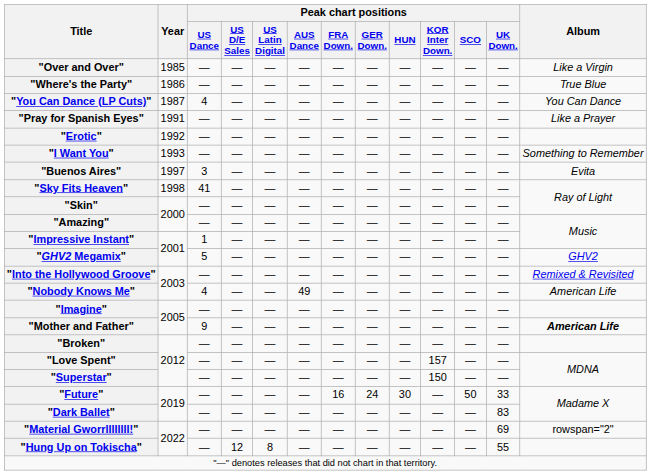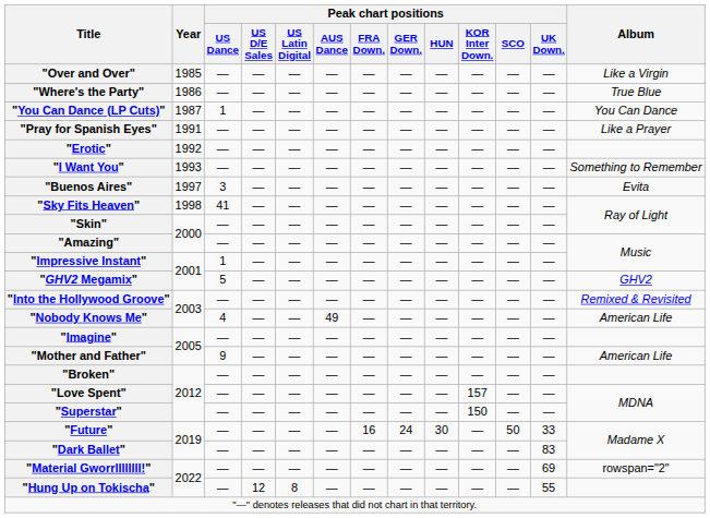 <table class="wikitable plainrowheaders" style="text-align:center;">
 <tr>
 <th scope="col" rowspan="2">Title</th>
 <th scope="col" rowspan="2">Year</th>
 <th scope="col" colspan="10">Peak chart positions</th>
 <th scope="col" rowspan="2">Album</th>
 </tr>
 <tr>
 <th scope="col" style="width:2.75em; font-size:90%;"><a href='#'>US<br>Dance</a><br></th>
 <th scope="col" style="width:2.75em; font-size:90%;"><a href='#'>US<br>D/E<br>Sales</a><br></th>
 <th scope="col" style="width:3em;font-size:90%;"><a href='#'>US<br>Latin<br>Digital</a><br></th>
 <th scope="col" style="width:2.75em; font-size:90%;"><a href='#'>AUS<br>Dance</a><br></th>
 <th scope="col" style="width:2.75em; font-size:90%;"><a href='#'>FRA<br>Down.</a><br></th>
 <th scope="col" style="width:2.75em; font-size:90%;"><a href='#'>GER<br>Down.</a><br></th>
 <th scope="col" style="width:2.75em; font-size:90%;"><a href='#'>HUN</a><br></th>
 <th scope="col" style="width:2.75em; font-size:90%;"><a href='#'>KOR<br>Inter<br>Down.</a><br></th>
 <th scope="col" style="width:2.75em; font-size:90%;"><a href='#'>SCO</a><br></th>
 <th scope="col" style="width:2.75em; font-size:90%;"><a href='#'>UK<br>Down.</a><br></th>
 </tr>
 <tr>
 <th scope="row">"Over and Over"</th>
 <td>1985</td>
 <td>—</td>
 <td>—</td>
 <td>—</td>
 <td>—</td>
 <td>—</td>
 <td>—</td>
 <td>—</td>
 <td>—</td>
 <td>—</td>
 <td>—</td>
 <td><em>Like a Virgin</em></td>
 </tr>
 <tr>
 <th scope="row">"Where's the Party"</th>
 <td>1986</td>
 <td>—</td>
 <td>—</td>
 <td>—</td>
 <td>—</td>
 <td>—</td>
 <td>—</td>
 <td>—</td>
 <td>—</td>
 <td>—</td>
 <td>—</td>
 <td><em>True Blue</em></td>
 </tr>
 <tr>
 <th scope="row">"<a href='#'>You Can Dance (LP Cuts)</a>"</th>
 <td>1987</td>
-<td>4</td>
+<td>1</td>
 <td>—</td>
 <td>—</td>
 <td>—</td>
 <td>—</td>
 <td>—</td>
 <td>—</td>
 <td>—</td>
 <td>—</td>
 <td>—</td>
 <td><em>You Can Dance</em></td>
 </tr>
 <tr>
 <th scope="row">"Pray for Spanish Eyes"</th>
 <td>1991</td>
 <td>—</td>
 <td>—</td>
 <td>—</td>
 <td>—</td>
 <td>—</td>
 <td>—</td>
 <td>—</td>
 <td>—</td>
 <td>—</td>
 <td>—</td>
 <td><em>Like a Prayer</em></td>
 </tr>
 <tr>
 <th scope="row">"<a href='#'>Erotic</a>"</th>
 <td>1992</td>
 <td>—</td>
 <td>—</td>
 <td>—</td>
 <td>—</td>
 <td>—</td>
 <td>—</td>
 <td>—</td>
 <td>—</td>
 <td>—</td>
 <td>—</td>
 <td></td>
 </tr>
 <tr>
 <th scope="row">"<a href='#'>I Want You</a>"<br></th>
 <td>1993</td>
 <td>—</td>
 <td>—</td>
 <td>—</td>
 <td>—</td>
 <td>—</td>
 <td>—</td>
 <td>—</td>
 <td>—</td>
 <td>—</td>
 <td>—</td>
 <td><em>Something to Remember</em></td>
 </tr>
 <tr>
 <th scope="row">"Buenos Aires" </th>
 <td>1997</td>
 <td>3</td>
 <td>—</td>
 <td>—</td>
 <td>—</td>
 <td>—</td>
 <td>—</td>
 <td>—</td>
 <td>—</td>
 <td>—</td>
 <td>—</td>
 <td><em>Evita</em></td>
 </tr>
 <tr>
 <th scope="row">"<a href='#'>Sky Fits Heaven</a>"</th>
 <td>1998</td>
 <td>41</td>
 <td>—</td>
 <td>—</td>
 <td>—</td>
 <td>—</td>
 <td>—</td>
 <td>—</td>
 <td>—</td>
 <td>—</td>
 <td>—</td>
 <td rowspan=2><em>Ray of Light</em></td>
 </tr>
 <tr>
 <th scope="row">"Skin"</th>
 <td rowspan=2>2000</td>
 <td>—</td>
 <td>—</td>
 <td>—</td>
 <td>—</td>
 <td>—</td>
 <td>—</td>
 <td>—</td>
 <td>—</td>
 <td>—</td>
 <td>—</td>
 </tr>
 <tr>
 <th scope="row">"Amazing"</th>
 <td>—</td>
 <td>—</td>
 <td>—</td>
 <td>—</td>
 <td>—</td>
 <td>—</td>
 <td>—</td>
 <td>—</td>
 <td>—</td>
 <td>—</td>
 <td rowspan=2><em>Music</em></td>
 </tr>
 <tr>
 <th scope="row">"<a href='#'>Impressive Instant</a>"</th>
 <td rowspan=2>2001</td>
 <td>1</td>
 <td>—</td>
 <td>—</td>
 <td>—</td>
 <td>—</td>
 <td>—</td>
 <td>—</td>
 <td>—</td>
 <td>—</td>
 <td>—</td>
 </tr>
 <tr>
 <th scope="row">"<a href='#'><em>GHV2</em> Megamix</a>"</th>
 <td>5</td>
 <td>—</td>
 <td>—</td>
 <td>—</td>
 <td>—</td>
 <td>—</td>
 <td>—</td>
 <td>—</td>
 <td>—</td>
 <td>—</td>
 <td><em><a href='#'>GHV2</a></em></td>
 </tr>
 <tr>
 <th scope="row">"<a href='#'>Into the Hollywood Groove</a>"<br></th>
 <td rowspan=2>2003</td>
 <td>—</td>
 <td>—</td>
 <td>—</td>
 <td>—</td>
 <td>—</td>
 <td>—</td>
 <td>—</td>
 <td>—</td>
 <td>—</td>
 <td>—</td>
 <td><em><a href='#'>Remixed & Revisited</a></em></td>
 </tr>
 <tr>
 <th scope="row">"<a href='#'>Nobody Knows Me</a>"</th>
 <td>4</td>
 <td>—</td>
 <td>—</td>
 <td>49</td>
 <td>—</td>
 <td>—</td>
 <td>—</td>
 <td>—</td>
 <td>—</td>
 <td>—</td>
 <td><em>American Life</em></td>
 </tr>
 <tr>
 <th scope="row">"<a href='#'>Imagine</a>" </th>
 <td rowspan=2>2005</td>
 <td>—</td>
 <td>—</td>
 <td>—</td>
 <td>—</td>
 <td>—</td>
 <td>—</td>
 <td>—</td>
 <td>—</td>
 <td>—</td>
 <td>—</td>
 <td></td>
 </tr>
 <tr>
 <th scope="row">"Mother and Father"</th>
 <td>9</td>
 <td>—</td>
 <td>—</td>
 <td>—</td>
 <td>—</td>
 <td>—</td>
 <td>—</td>
 <td>—</td>
 <td>—</td>
 <td>—</td>
-<td><strong><em>American Life</em></strong></td>
+<td><em>American Life</em></td>
 </tr>
 <tr>
 <th scope="row">"Broken"</th>
 <td rowspan=3>2012</td>
 <td>—</td>
 <td>—</td>
 <td>—</td>
 <td>—</td>
 <td>—</td>
 <td>—</td>
 <td>—</td>
 <td>—</td>
 <td>—</td>
 <td>—</td>
 <td></td>
 </tr>
 <tr>
 <th scope="row">"Love Spent"</th>
 <td>—</td>
 <td>—</td>
 <td>—</td>
 <td>—</td>
 <td>—</td>
 <td>—</td>
 <td>—</td>
 <td>157</td>
 <td>—</td>
 <td>—</td>
 <td rowspan=2><em>MDNA</em></td>
 </tr>
 <tr>
 <th scope="row">"<a href='#'>Superstar</a>"</th>
 <td>—</td>
 <td>—</td>
 <td>—</td>
 <td>—</td>
 <td>—</td>
 <td>—</td>
 <td>—</td>
 <td>150</td>
 <td>—</td>
 <td>—</td>
 </tr>
 <tr>
 <th scope="row">"<a href='#'>Future</a>"<br></th>
 <td rowspan=2>2019</td>
 <td>—</td>
 <td>—</td>
 <td>—</td>
 <td>—</td>
 <td>16</td>
 <td>24</td>
 <td>30</td>
 <td>—</td>
 <td>50</td>
 <td>33</td>
 <td rowspan=2><em>Madame X</em></td>
 </tr>
 <tr>
 <th scope="row">"<a href='#'>Dark Ballet</a>"</th>
 <td>—</td>
 <td>—</td>
 <td>—</td>
 <td>—</td>
 <td>—</td>
 <td>—</td>
 <td>—</td>
 <td>—</td>
 <td>—</td>
 <td>83</td>
 </tr>
 <tr>
 <th scope="row">"<a href='#'>Material Gworrllllllll!</a>"<br></th>
 <td rowspan="2">2022</td>
 <td>—</td>
 <td>—</td>
 <td>—</td>
 <td>—</td>
 <td>—</td>
 <td>—</td>
 <td>—</td>
 <td>—</td>
 <td>—</td>
 <td>69</td>
 <td>rowspan="2" </td>
 </tr>
 <tr>
 <th scope="row">"<a href='#'>Hung Up on Tokischa</a>"<br></th>
 <td>—</td>
 <td>12</td>
 <td>8</td>
 <td>—</td>
 <td>—</td>
 <td>—</td>
 <td>—</td>
 <td>—</td>
 <td>—</td>
 <td>55</td>
 </tr>
 <tr>
 <td align="center" colspan="16" style="font-size:85%">"—" denotes releases that did not chart in that territory.</td>
 </tr>
 </table>
